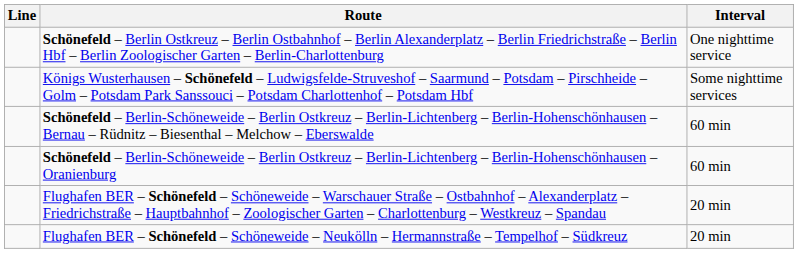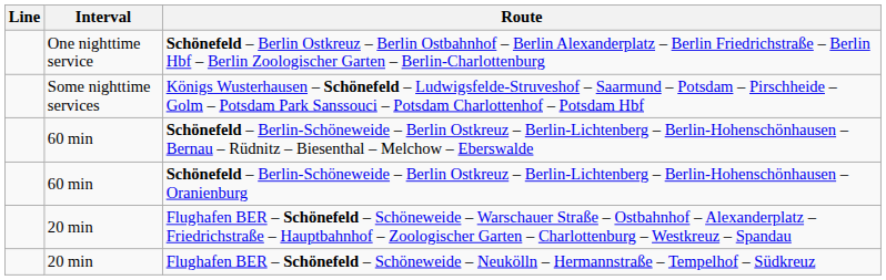 <table class="wikitable">
 <tr>
 <th>Line</th>
+<th>Interval</th>
 <th>Route</th>
-<th>Interval</th>
 </tr>
 <tr>
 <td></td>
+<td>One nighttime service</td>
 <td><strong>Schönefeld</strong> – <a href='#'>Berlin Ostkreuz</a> – <a href='#'>Berlin Ostbahnhof</a> – <a href='#'>Berlin Alexanderplatz</a> – <a href='#'>Berlin Friedrichstraße</a> – <a href='#'>Berlin Hbf</a> – <a href='#'>Berlin Zoologischer Garten</a> – <a href='#'>Berlin-Charlottenburg</a></td>
-<td>One nighttime service</td>
 </tr>
 <tr>
 <td align="center"></td>
+<td>Some nighttime services</td>
 <td><a href='#'>Königs Wusterhausen</a> – <strong>Schönefeld</strong> – <a href='#'>Ludwigsfelde-Struveshof</a> – <a href='#'>Saarmund</a> – <a href='#'>Potsdam</a> – <a href='#'>Pirschheide</a> – <a href='#'>Golm</a> – <a href='#'>Potsdam Park Sanssouci</a> – <a href='#'>Potsdam Charlottenhof</a> – <a href='#'>Potsdam Hbf</a></td>
-<td>Some nighttime services</td>
 </tr>
 <tr>
 <td align="center"></td>
+<td>60 min</td>
 <td><strong>Schönefeld</strong> – <a href='#'>Berlin-Schöneweide</a> – <a href='#'>Berlin Ostkreuz</a> – <a href='#'>Berlin-Lichtenberg</a> – <a href='#'>Berlin-Hohenschönhausen</a> – <a href='#'>Bernau</a> – Rüdnitz – Biesenthal – Melchow – <a href='#'>Eberswalde</a></td>
-<td>60 min</td>
 </tr>
 <tr>
 <td></td>
+<td>60 min</td>
 <td><strong>Schönefeld</strong> – <a href='#'>Berlin-Schöneweide</a> – <a href='#'>Berlin Ostkreuz</a> – <a href='#'>Berlin-Lichtenberg</a> – <a href='#'>Berlin-Hohenschönhausen</a> – <a href='#'>Oranienburg</a></td>
-<td>60 min</td>
 </tr>
 <tr>
 <td></td>
+<td>20 min</td>
 <td><a href='#'>Flughafen BER</a> – <strong>Schönefeld</strong> – <a href='#'>Schöneweide</a> – <a href='#'>Warschauer Straße</a> – <a href='#'>Ostbahnhof</a> – <a href='#'>Alexanderplatz</a> – <a href='#'>Friedrichstraße</a> – <a href='#'>Hauptbahnhof</a> – <a href='#'>Zoologischer Garten</a> – <a href='#'>Charlottenburg</a> – <a href='#'>Westkreuz</a> – <a href='#'>Spandau</a></td>
-<td>20 min</td>
 </tr>
 <tr>
 <td></td>
+<td>20 min</td>
 <td><a href='#'>Flughafen BER</a> – <strong>Schönefeld</strong> – <a href='#'>Schöneweide</a> – <a href='#'>Neukölln</a> –  <a href='#'>Hermannstraße</a> –  <a href='#'>Tempelhof</a> –  <a href='#'>Südkreuz</a></td>
-<td>20 min</td>
 </tr>
 </table>
